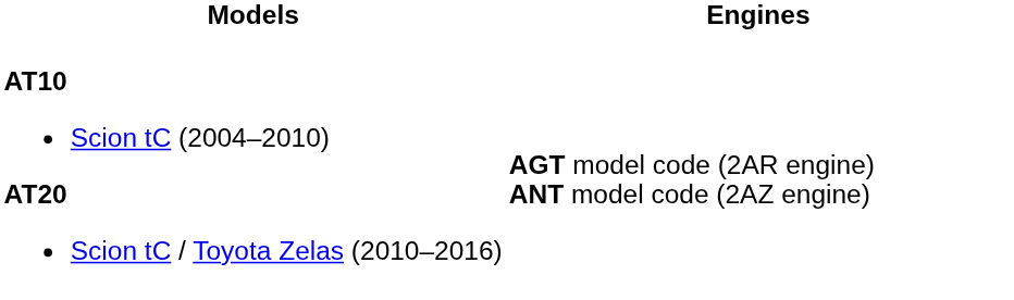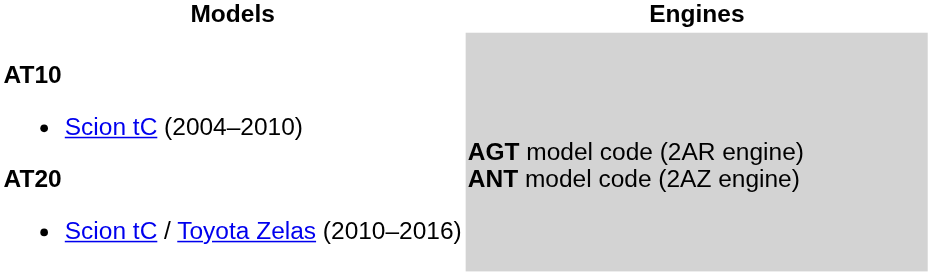 <table>
 <tr>
 <th style="width:50%">Models</th>
 <th>Engines</th>
 </tr>
 <tr>
 <td style="width:50%"><br><strong>AT10</strong><ul><li><a href='#'>Scion tC</a> (2004–2010)</li></ul><strong>AT20</strong><ul><li><a href='#'>Scion tC</a> / <a href='#'>Toyota Zelas</a> (2010–2016)</li></ul></td>
-<td style="width:50%"><br><strong>AGT</strong> model code (2AR engine)<br><strong>ANT</strong> model code (2AZ engine)</td>
+<td style="background: lightgrey; width:50%"><br><strong>AGT</strong> model code (2AR engine)<br><strong>ANT</strong> model code (2AZ engine)</td>
 </tr>
 </table>
